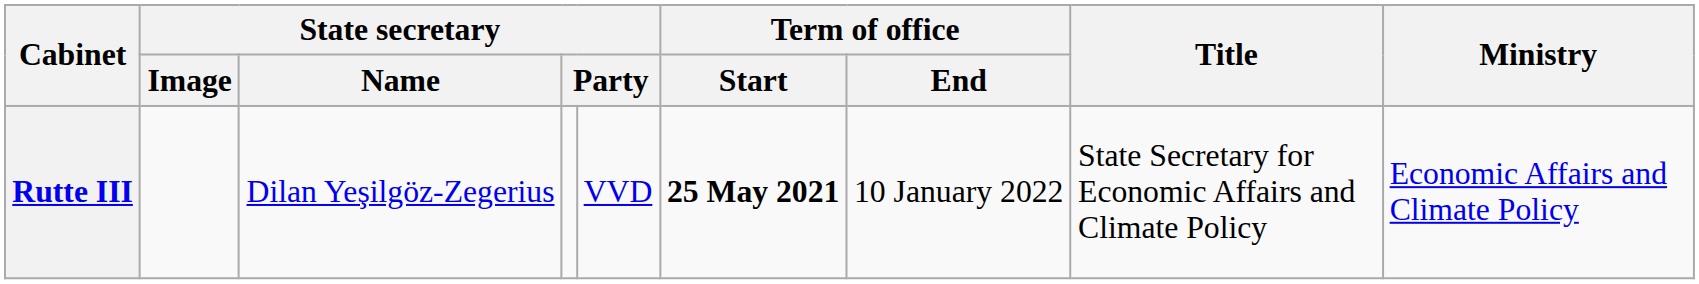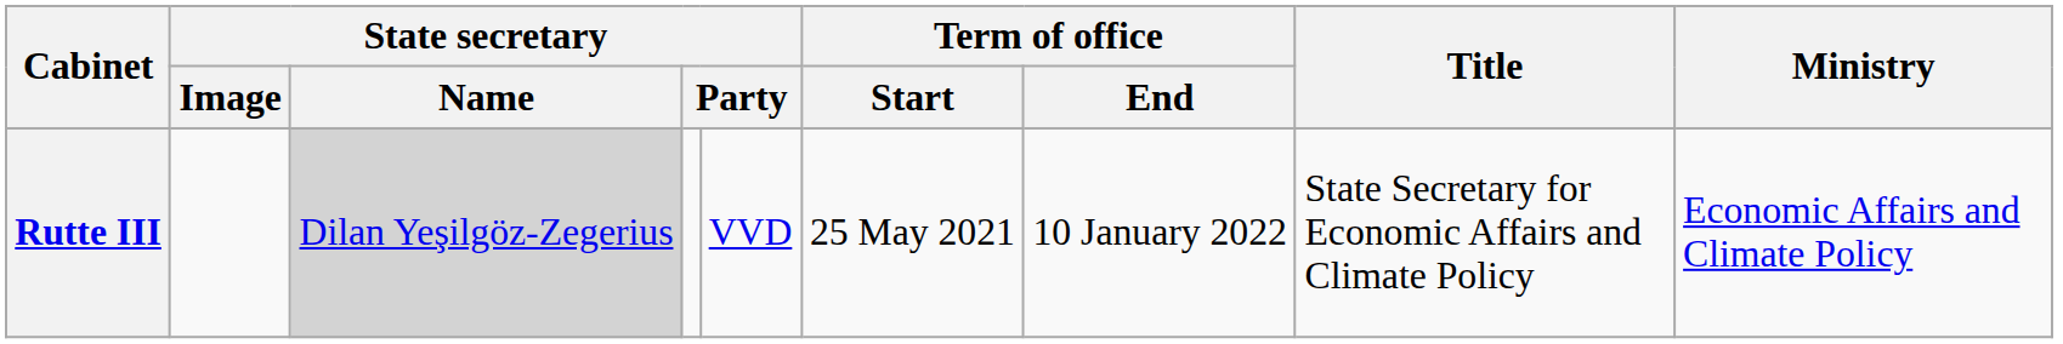 <table class="wikitable plainrowheaders">
 <tr>
 <th rowspan="2">Cabinet</th>
 <th colspan="4">State secretary</th>
 <th colspan="2">Term of office</th>
 <th rowspan="2" width="150px">Title</th>
 <th rowspan="2" width="150px">Ministry</th>
 </tr>
 <tr>
 <th width="1px">Image</th>
 <th>Name</th>
 <th colspan="2">Party</th>
 <th>Start</th>
 <th>End</th>
 </tr>
 <tr>
 <th scope="row"><a href='#'>Rutte III</a></th>
 <td height="80x"></td>
-<td><a href='#'>Dilan Yeşilgöz-Zegerius</a></td>
+<td style="background: lightgrey;"><a href='#'>Dilan Yeşilgöz-Zegerius</a></td>
 <td style="background:"></td>
 <td style="text-align:center"><a href='#'>VVD</a></td>
-<td style="text-align:center"><strong>25 May 2021</strong></td>
+<td style="text-align:center">25 May 2021</td>
 <td style="text-align:center">10 January 2022</td>
 <td>State Secretary for Economic Affairs and Climate Policy</td>
 <td><a href='#'>Economic Affairs and Climate Policy</a></td>
 </tr>
 </table>
